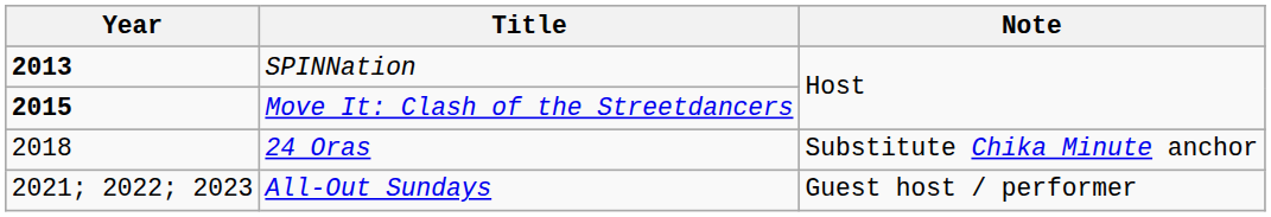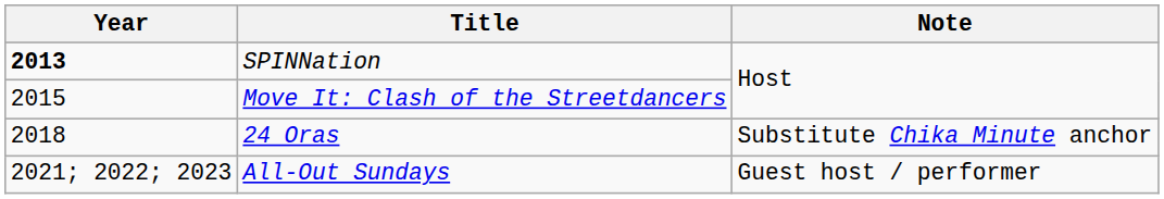 <table class="wikitable sortable" background: #f9f9f9>
 <tr>
 <th>Year</th>
 <th>Title</th>
 <th>Note</th>
 </tr>
 <tr>
 <td><strong>2013</strong></td>
 <td><em>SPINNation</em></td>
 <td rowspan="2">Host</td>
 </tr>
 <tr>
-<td><strong>2015</strong></td>
+<td>2015</td>
 <td><em><a href='#'>Move It: Clash of the Streetdancers</a></em></td>
 </tr>
 <tr>
 <td>2018</td>
 <td><em><a href='#'>24 Oras</a></em></td>
 <td>Substitute <em><a href='#'>Chika Minute</a></em> anchor</td>
 </tr>
 <tr>
 <td>2021; 2022; 2023</td>
 <td><em><a href='#'>All-Out Sundays</a></em></td>
 <td>Guest host / performer</td>
 </tr>
 </table>
